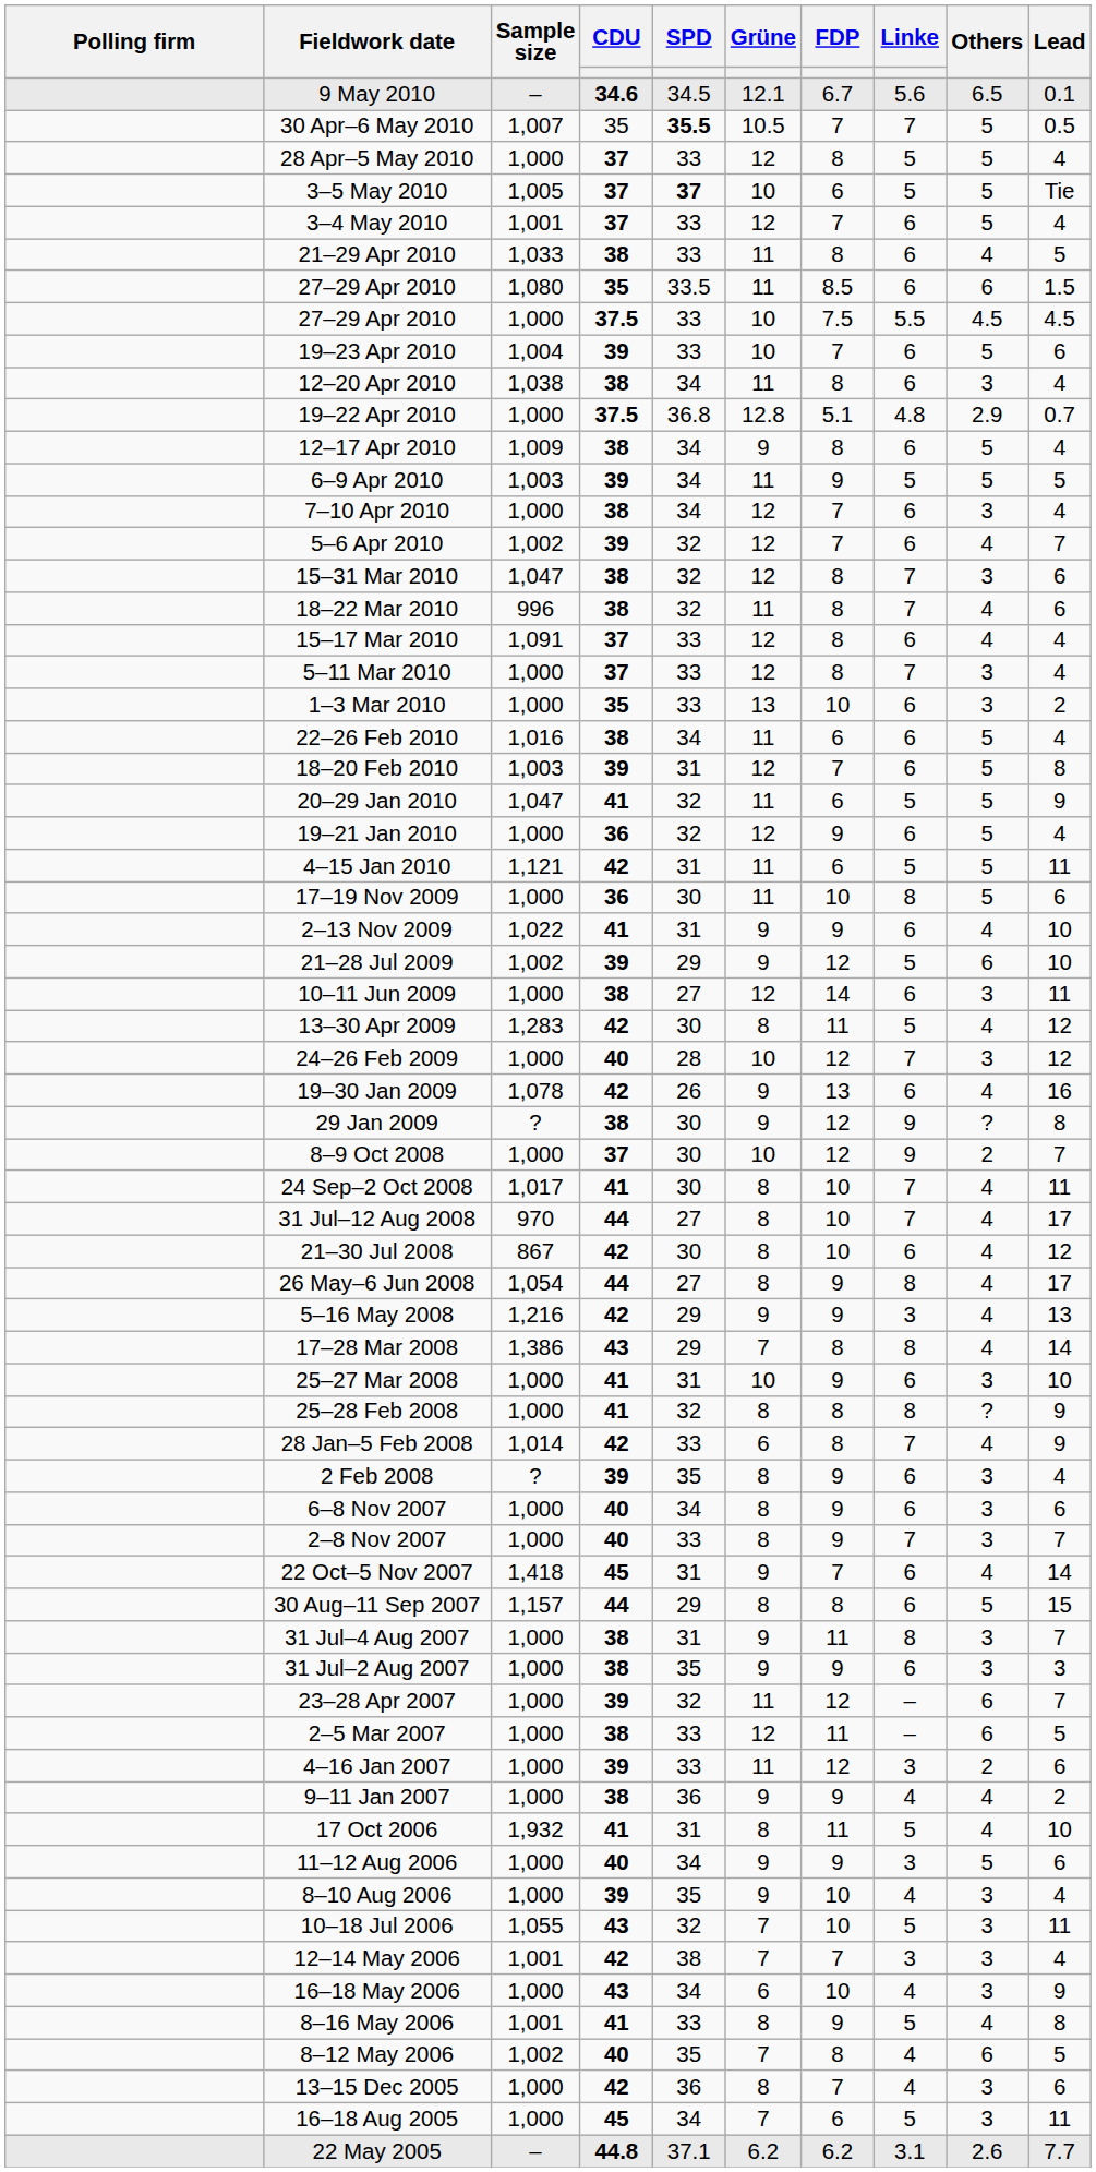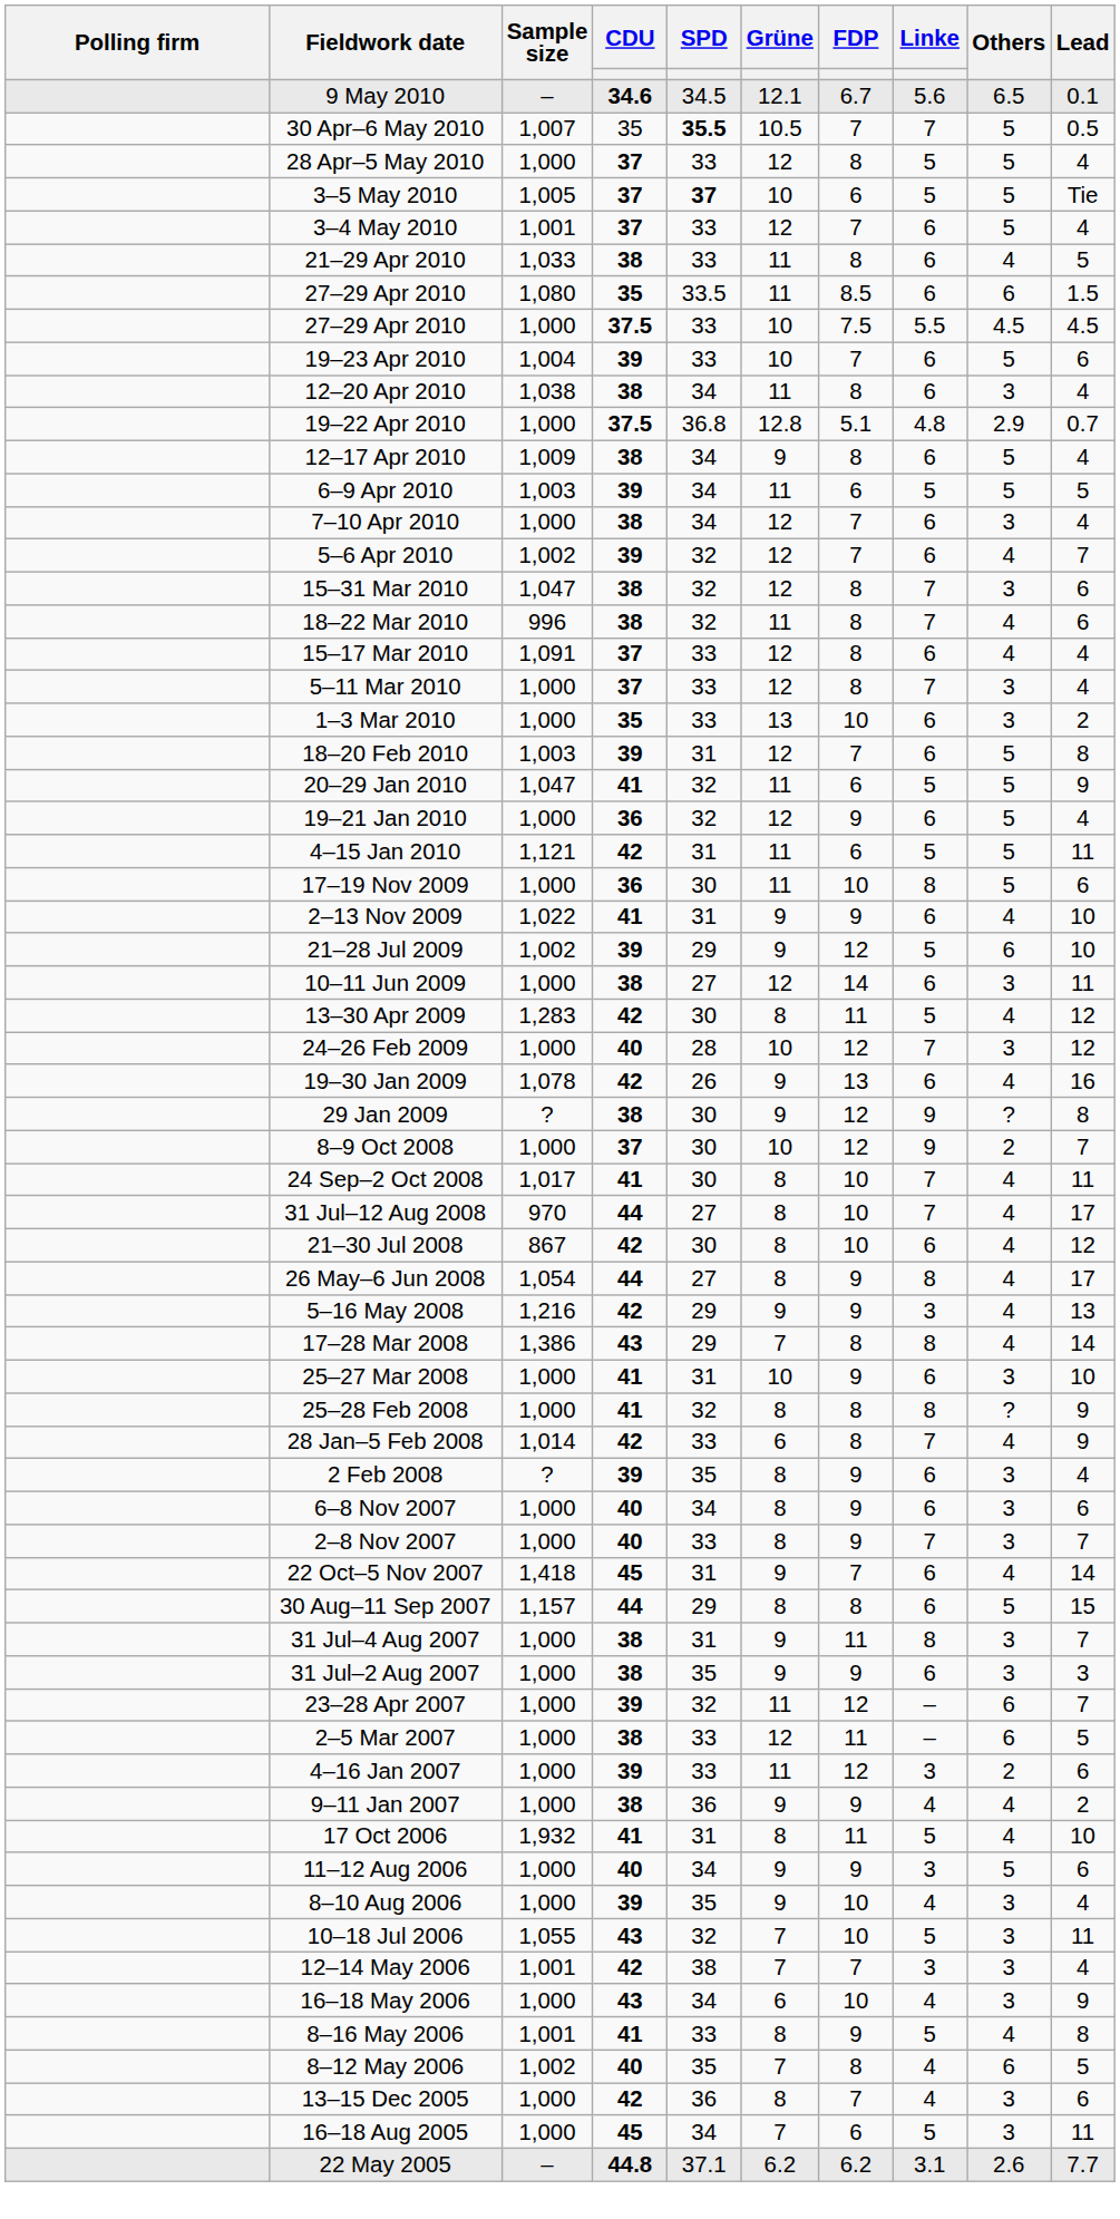 <table class="wikitable sortable" style="text-align:center;font-size:90%;line-height:14px;">
 <tr style="height:40px;">
 <th style="width:160px;" rowspan="2">Polling firm</th>
 <th style="width:140px;" rowspan="2">Fieldwork date</th>
 <th style="width:35px;" rowspan="2">Sample<br>size</th>
 <th class="unsortable" style="width:40px;"><a href='#'>CDU</a></th>
 <th class="unsortable" style="width:40px;"><a href='#'>SPD</a></th>
 <th class="unsortable" style="width:40px;"><a href='#'>Grüne</a></th>
 <th class="unsortable" style="width:40px;"><a href='#'>FDP</a></th>
 <th class="unsortable" style="width:40px;"><a href='#'>Linke</a></th>
 <th class="unsortable" style="width:40px;" rowspan="2">Others</th>
 <th style="width:30px;" rowspan="2">Lead</th>
 </tr>
 <tr>
 <th style="background:"></th>
 <th style="background:"></th>
 <th style="background:"></th>
 <th style="background:"></th>
 <th style="background:"></th>
 </tr>
 <tr style="background:#E9E9E9;">
 <td></td>
 <td data-sort-value="2010-05-09">9 May 2010</td>
 <td>–</td>
 <td><strong>34.6</strong></td>
 <td>34.5</td>
 <td>12.1</td>
 <td>6.7</td>
 <td>5.6</td>
 <td>6.5</td>
 <td style="background:">0.1</td>
 </tr>
 <tr>
 <td></td>
 <td data-sort-value="2010-05-07">30 Apr–6 May 2010</td>
 <td>1,007</td>
 <td>35</td>
 <td><strong>35.5</strong></td>
 <td>10.5</td>
 <td>7</td>
 <td>7</td>
 <td>5</td>
 <td style="background:">0.5</td>
 </tr>
 <tr>
 <td></td>
 <td data-sort-value="2010-05-06">28 Apr–5 May 2010</td>
 <td>1,000</td>
 <td><strong>37</strong></td>
 <td>33</td>
 <td>12</td>
 <td>8</td>
 <td>5</td>
 <td>5</td>
 <td style="background:">4</td>
 </tr>
 <tr>
 <td></td>
 <td data-sort-value="2010-05-06">3–5 May 2010</td>
 <td>1,005</td>
 <td><strong>37</strong></td>
 <td><strong>37</strong></td>
 <td>10</td>
 <td>6</td>
 <td>5</td>
 <td>5</td>
 <td data-sort-value="0">Tie</td>
 </tr>
 <tr>
 <td></td>
 <td data-sort-value="2010-05-05">3–4 May 2010</td>
 <td>1,001</td>
 <td><strong>37</strong></td>
 <td>33</td>
 <td>12</td>
 <td>7</td>
 <td>6</td>
 <td>5</td>
 <td style="background:">4</td>
 </tr>
 <tr>
 <td></td>
 <td data-sort-value="2010-05-02">21–29 Apr 2010</td>
 <td>1,033</td>
 <td><strong>38</strong></td>
 <td>33</td>
 <td>11</td>
 <td>8</td>
 <td>6</td>
 <td>4</td>
 <td style="background:">5</td>
 </tr>
 <tr>
 <td></td>
 <td data-sort-value="2010-04-30">27–29 Apr 2010</td>
 <td>1,080</td>
 <td><strong>35</strong></td>
 <td>33.5</td>
 <td>11</td>
 <td>8.5</td>
 <td>6</td>
 <td>6</td>
 <td style="background:">1.5</td>
 </tr>
 <tr>
 <td></td>
 <td data-sort-value="2010-04-29">27–29 Apr 2010</td>
 <td>1,000</td>
 <td><strong>37.5</strong></td>
 <td>33</td>
 <td>10</td>
 <td>7.5</td>
 <td>5.5</td>
 <td>4.5</td>
 <td style="background:">4.5</td>
 </tr>
 <tr>
 <td></td>
 <td data-sort-value="2010-04-28">19–23 Apr 2010</td>
 <td>1,004</td>
 <td><strong>39</strong></td>
 <td>33</td>
 <td>10</td>
 <td>7</td>
 <td>6</td>
 <td>5</td>
 <td style="background:">6</td>
 </tr>
 <tr>
 <td></td>
 <td data-sort-value="2010-04-24">12–20 Apr 2010</td>
 <td>1,038</td>
 <td><strong>38</strong></td>
 <td>34</td>
 <td>11</td>
 <td>8</td>
 <td>6</td>
 <td>3</td>
 <td style="background:">4</td>
 </tr>
 <tr>
 <td></td>
 <td data-sort-value="2010-04-23">19–22 Apr 2010</td>
 <td>1,000</td>
 <td><strong>37.5</strong></td>
 <td>36.8</td>
 <td>12.8</td>
 <td>5.1</td>
 <td>4.8</td>
 <td>2.9</td>
 <td style="background:">0.7</td>
 </tr>
 <tr>
 <td></td>
 <td data-sort-value="2010-04-21">12–17 Apr 2010</td>
 <td>1,009</td>
 <td><strong>38</strong></td>
 <td>34</td>
 <td>9</td>
 <td>8</td>
 <td>6</td>
 <td>5</td>
 <td style="background:">4</td>
 </tr>
 <tr>
 <td></td>
 <td data-sort-value="2010-04-14">6–9 Apr 2010</td>
 <td>1,003</td>
 <td><strong>39</strong></td>
 <td>34</td>
 <td>11</td>
-<td>9</td>
+<td>6</td>
 <td>5</td>
 <td>5</td>
 <td style="background:">5</td>
 </tr>
 <tr>
 <td></td>
 <td data-sort-value="2010-04-11">7–10 Apr 2010</td>
 <td>1,000</td>
 <td><strong>38</strong></td>
 <td>34</td>
 <td>12</td>
 <td>7</td>
 <td>6</td>
 <td>3</td>
 <td style="background:">4</td>
 </tr>
 <tr>
 <td></td>
 <td data-sort-value="2010-04-09">5–6 Apr 2010</td>
 <td>1,002</td>
 <td><strong>39</strong></td>
 <td>32</td>
 <td>12</td>
 <td>7</td>
 <td>6</td>
 <td>4</td>
 <td style="background:">7</td>
 </tr>
 <tr>
 <td></td>
 <td data-sort-value="2010-04-04">15–31 Mar 2010</td>
 <td>1,047</td>
 <td><strong>38</strong></td>
 <td>32</td>
 <td>12</td>
 <td>8</td>
 <td>7</td>
 <td>3</td>
 <td style="background:">6</td>
 </tr>
 <tr>
 <td></td>
 <td data-sort-value="2010-03-24">18–22 Mar 2010</td>
 <td>996</td>
 <td><strong>38</strong></td>
 <td>32</td>
 <td>11</td>
 <td>8</td>
 <td>7</td>
 <td>4</td>
 <td style="background:">6</td>
 </tr>
 <tr>
 <td></td>
 <td data-sort-value="2010-03-19">15–17 Mar 2010</td>
 <td>1,091</td>
 <td><strong>37</strong></td>
 <td>33</td>
 <td>12</td>
 <td>8</td>
 <td>6</td>
 <td>4</td>
 <td style="background:">4</td>
 </tr>
 <tr>
 <td></td>
 <td data-sort-value="2010-03-12">5–11 Mar 2010</td>
 <td>1,000</td>
 <td><strong>37</strong></td>
 <td>33</td>
 <td>12</td>
 <td>8</td>
 <td>7</td>
 <td>3</td>
 <td style="background:">4</td>
 </tr>
 <tr>
 <td></td>
 <td data-sort-value="2010-03-04">1–3 Mar 2010</td>
 <td>1,000</td>
 <td><strong>35</strong></td>
 <td>33</td>
 <td>13</td>
 <td>10</td>
 <td>6</td>
 <td>3</td>
 <td style="background:">2</td>
-</tr>
-<tr>
-<td></td>
-<td data-sort-value="2010-03-03">22–26 Feb 2010</td>
-<td>1,016</td>
-<td><strong>38</strong></td>
-<td>34</td>
-<td>11</td>
-<td>6</td>
-<td>6</td>
-<td>5</td>
-<td style="background:">4</td>
 </tr>
 <tr>
 <td></td>
 <td data-sort-value="2010-02-25">18–20 Feb 2010</td>
 <td>1,003</td>
 <td><strong>39</strong></td>
 <td>31</td>
 <td>12</td>
 <td>7</td>
 <td>6</td>
 <td>5</td>
 <td style="background:">8</td>
 </tr>
 <tr>
 <td></td>
 <td data-sort-value="2010-02-03">20–29 Jan 2010</td>
 <td>1,047</td>
 <td><strong>41</strong></td>
 <td>32</td>
 <td>11</td>
 <td>6</td>
 <td>5</td>
 <td>5</td>
 <td style="background:">9</td>
 </tr>
 <tr>
 <td></td>
 <td data-sort-value="2010-01-22">19–21 Jan 2010</td>
 <td>1,000</td>
 <td><strong>36</strong></td>
 <td>32</td>
 <td>12</td>
 <td>9</td>
 <td>6</td>
 <td>5</td>
 <td style="background:">4</td>
 </tr>
 <tr>
 <td></td>
 <td data-sort-value="2010-01-19">4–15 Jan 2010</td>
 <td>1,121</td>
 <td><strong>42</strong></td>
 <td>31</td>
 <td>11</td>
 <td>6</td>
 <td>5</td>
 <td>5</td>
 <td style="background:">11</td>
 </tr>
 <tr>
 <td></td>
 <td data-sort-value="2009-11-22">17–19 Nov 2009</td>
 <td>1,000</td>
 <td><strong>36</strong></td>
 <td>30</td>
 <td>11</td>
 <td>10</td>
 <td>8</td>
 <td>5</td>
 <td style="background:">6</td>
 </tr>
 <tr>
 <td></td>
 <td data-sort-value="2009-11-18">2–13 Nov 2009</td>
 <td>1,022</td>
 <td><strong>41</strong></td>
 <td>31</td>
 <td>9</td>
 <td>9</td>
 <td>6</td>
 <td>4</td>
 <td style="background:">10</td>
 </tr>
 <tr>
 <td></td>
 <td data-sort-value="2009-08-12">21–28 Jul 2009</td>
 <td>1,002</td>
 <td><strong>39</strong></td>
 <td>29</td>
 <td>9</td>
 <td>12</td>
 <td>5</td>
 <td>6</td>
 <td style="background:">10</td>
 </tr>
 <tr>
 <td></td>
 <td data-sort-value="2009-06-14">10–11 Jun 2009</td>
 <td>1,000</td>
 <td><strong>38</strong></td>
 <td>27</td>
 <td>12</td>
 <td>14</td>
 <td>6</td>
 <td>3</td>
 <td style="background:">11</td>
 </tr>
 <tr>
 <td></td>
 <td data-sort-value="2009-05-06">13–30 Apr 2009</td>
 <td>1,283</td>
 <td><strong>42</strong></td>
 <td>30</td>
 <td>8</td>
 <td>11</td>
 <td>5</td>
 <td>4</td>
 <td style="background:">12</td>
 </tr>
 <tr>
 <td></td>
 <td data-sort-value="2009-03-01">24–26 Feb 2009</td>
 <td>1,000</td>
 <td><strong>40</strong></td>
 <td>28</td>
 <td>10</td>
 <td>12</td>
 <td>7</td>
 <td>3</td>
 <td style="background:">12</td>
 </tr>
 <tr>
 <td></td>
 <td data-sort-value="2009-02-04">19–30 Jan 2009</td>
 <td>1,078</td>
 <td><strong>42</strong></td>
 <td>26</td>
 <td>9</td>
 <td>13</td>
 <td>6</td>
 <td>4</td>
 <td style="background:">16</td>
 </tr>
 <tr>
 <td></td>
 <td data-sort-value="2009-01-29">29 Jan 2009</td>
 <td>?</td>
 <td><strong>38</strong></td>
 <td>30</td>
 <td>9</td>
 <td>12</td>
 <td>9</td>
 <td>?</td>
 <td style="background:">8</td>
 </tr>
 <tr>
 <td></td>
 <td data-sort-value="2008-10-12">8–9 Oct 2008</td>
 <td>1,000</td>
 <td><strong>37</strong></td>
 <td>30</td>
 <td>10</td>
 <td>12</td>
 <td>9</td>
 <td>2</td>
 <td style="background:">7</td>
 </tr>
 <tr>
 <td></td>
 <td data-sort-value="2008-10-08">24 Sep–2 Oct 2008</td>
 <td>1,017</td>
 <td><strong>41</strong></td>
 <td>30</td>
 <td>8</td>
 <td>10</td>
 <td>7</td>
 <td>4</td>
 <td style="background:">11</td>
 </tr>
 <tr>
 <td></td>
 <td data-sort-value="2008-08-14">31 Jul–12 Aug 2008</td>
 <td>970</td>
 <td><strong>44</strong></td>
 <td>27</td>
 <td>8</td>
 <td>10</td>
 <td>7</td>
 <td>4</td>
 <td style="background:">17</td>
 </tr>
 <tr>
 <td></td>
 <td data-sort-value="2008-08-14">21–30 Jul 2008</td>
 <td>867</td>
 <td><strong>42</strong></td>
 <td>30</td>
 <td>8</td>
 <td>10</td>
 <td>6</td>
 <td>4</td>
 <td style="background:">12</td>
 </tr>
 <tr>
 <td></td>
 <td data-sort-value="2008-06-12">26 May–6 Jun 2008</td>
 <td>1,054</td>
 <td><strong>44</strong></td>
 <td>27</td>
 <td>8</td>
 <td>9</td>
 <td>8</td>
 <td>4</td>
 <td style="background:">17</td>
 </tr>
 <tr>
 <td></td>
 <td data-sort-value="2008-05-21">5–16 May 2008</td>
 <td>1,216</td>
 <td><strong>42</strong></td>
 <td>29</td>
 <td>9</td>
 <td>9</td>
 <td>3</td>
 <td>4</td>
 <td style="background:">13</td>
 </tr>
 <tr>
 <td></td>
 <td data-sort-value="2008-04-03">17–28 Mar 2008</td>
 <td>1,386</td>
 <td><strong>43</strong></td>
 <td>29</td>
 <td>7</td>
 <td>8</td>
 <td>8</td>
 <td>4</td>
 <td style="background:">14</td>
 </tr>
 <tr>
 <td></td>
 <td data-sort-value="2008-03-30">25–27 Mar 2008</td>
 <td>1,000</td>
 <td><strong>41</strong></td>
 <td>31</td>
 <td>10</td>
 <td>9</td>
 <td>6</td>
 <td>3</td>
 <td style="background:">10</td>
 </tr>
 <tr>
 <td></td>
 <td data-sort-value="2008-02-29">25–28 Feb 2008</td>
 <td>1,000</td>
 <td><strong>41</strong></td>
 <td>32</td>
 <td>8</td>
 <td>8</td>
 <td>8</td>
 <td>?</td>
 <td style="background:">9</td>
 </tr>
 <tr>
 <td></td>
 <td data-sort-value="2008-02-06">28 Jan–5 Feb 2008</td>
 <td>1,014</td>
 <td><strong>42</strong></td>
 <td>33</td>
 <td>6</td>
 <td>8</td>
 <td>7</td>
 <td>4</td>
 <td style="background:">9</td>
 </tr>
 <tr>
 <td></td>
 <td data-sort-value="2008-02-02">2 Feb 2008</td>
 <td>?</td>
 <td><strong>39</strong></td>
 <td>35</td>
 <td>8</td>
 <td>9</td>
 <td>6</td>
 <td>3</td>
 <td style="background:">4</td>
 </tr>
 <tr>
 <td></td>
 <td data-sort-value="2007-11-11">6–8 Nov 2007</td>
 <td>1,000</td>
 <td><strong>40</strong></td>
 <td>34</td>
 <td>8</td>
 <td>9</td>
 <td>6</td>
 <td>3</td>
 <td style="background:">6</td>
 </tr>
 <tr>
 <td></td>
 <td data-sort-value="2007-11-10">2–8 Nov 2007</td>
 <td>1,000</td>
 <td><strong>40</strong></td>
 <td>33</td>
 <td>8</td>
 <td>9</td>
 <td>7</td>
 <td>3</td>
 <td style="background:">7</td>
 </tr>
 <tr>
 <td></td>
 <td data-sort-value="2007-11-07">22 Oct–5 Nov 2007</td>
 <td>1,418</td>
 <td><strong>45</strong></td>
 <td>31</td>
 <td>9</td>
 <td>7</td>
 <td>6</td>
 <td>4</td>
 <td style="background:">14</td>
 </tr>
 <tr>
 <td></td>
 <td data-sort-value="2007-09-13">30 Aug–11 Sep 2007</td>
 <td>1,157</td>
 <td><strong>44</strong></td>
 <td>29</td>
 <td>8</td>
 <td>8</td>
 <td>6</td>
 <td>5</td>
 <td style="background:">15</td>
 </tr>
 <tr>
 <td></td>
 <td data-sort-value="2007-08-06">31 Jul–4 Aug 2007</td>
 <td>1,000</td>
 <td><strong>38</strong></td>
 <td>31</td>
 <td>9</td>
 <td>11</td>
 <td>8</td>
 <td>3</td>
 <td style="background:">7</td>
 </tr>
 <tr>
 <td></td>
 <td data-sort-value="2007-08-05">31 Jul–2 Aug 2007</td>
 <td>1,000</td>
 <td><strong>38</strong></td>
 <td>35</td>
 <td>9</td>
 <td>9</td>
 <td>6</td>
 <td>3</td>
 <td style="background:">3</td>
 </tr>
 <tr>
 <td></td>
 <td data-sort-value="2007-05-02">23–28 Apr 2007</td>
 <td>1,000</td>
 <td><strong>39</strong></td>
 <td>32</td>
 <td>11</td>
 <td>12</td>
 <td>–</td>
 <td>6</td>
 <td style="background:">7</td>
 </tr>
 <tr>
 <td></td>
 <td data-sort-value="2007-03-08">2–5 Mar 2007</td>
 <td>1,000</td>
 <td><strong>38</strong></td>
 <td>33</td>
 <td>12</td>
 <td>11</td>
 <td>–</td>
 <td>6</td>
 <td style="background:">5</td>
 </tr>
 <tr>
 <td></td>
 <td data-sort-value="2007-01-18">4–16 Jan 2007</td>
 <td>1,000</td>
 <td><strong>39</strong></td>
 <td>33</td>
 <td>11</td>
 <td>12</td>
 <td>3</td>
 <td>2</td>
 <td style="background:">6</td>
 </tr>
 <tr>
 <td></td>
 <td data-sort-value="2007-01-14">9–11 Jan 2007</td>
 <td>1,000</td>
 <td><strong>38</strong></td>
 <td>36</td>
 <td>9</td>
 <td>9</td>
 <td>4</td>
 <td>4</td>
 <td style="background:">2</td>
 </tr>
 <tr>
 <td></td>
 <td data-sort-value="2006-10-27">17 Oct 2006</td>
 <td>1,932</td>
 <td><strong>41</strong></td>
 <td>31</td>
 <td>8</td>
 <td>11</td>
 <td>5</td>
 <td>4</td>
 <td style="background:">10</td>
 </tr>
 <tr>
 <td></td>
 <td data-sort-value="2006-08-14">11–12 Aug 2006</td>
 <td>1,000</td>
 <td><strong>40</strong></td>
 <td>34</td>
 <td>9</td>
 <td>9</td>
 <td>3</td>
 <td>5</td>
 <td style="background:">6</td>
 </tr>
 <tr>
 <td></td>
 <td data-sort-value="2006-08-13">8–10 Aug 2006</td>
 <td>1,000</td>
 <td><strong>39</strong></td>
 <td>35</td>
 <td>9</td>
 <td>10</td>
 <td>4</td>
 <td>3</td>
 <td style="background:">4</td>
 </tr>
 <tr>
 <td></td>
 <td data-sort-value="2006-07-19">10–18 Jul 2006</td>
 <td>1,055</td>
 <td><strong>43</strong></td>
 <td>32</td>
 <td>7</td>
 <td>10</td>
 <td>5</td>
 <td>3</td>
 <td style="background:">11</td>
 </tr>
 <tr>
 <td></td>
 <td data-sort-value="2006-05-22">12–14 May 2006</td>
 <td>1,001</td>
 <td><strong>42</strong></td>
 <td>38</td>
 <td>7</td>
 <td>7</td>
 <td>3</td>
 <td>3</td>
 <td style="background:">4</td>
 </tr>
 <tr>
 <td></td>
 <td data-sort-value="2006-05-21">16–18 May 2006</td>
 <td>1,000</td>
 <td><strong>43</strong></td>
 <td>34</td>
 <td>6</td>
 <td>10</td>
 <td>4</td>
 <td>3</td>
 <td style="background:">9</td>
 </tr>
 <tr>
 <td></td>
 <td data-sort-value="2006-05-18">8–16 May 2006</td>
 <td>1,001</td>
 <td><strong>41</strong></td>
 <td>33</td>
 <td>8</td>
 <td>9</td>
 <td>5</td>
 <td>4</td>
 <td style="background:">8</td>
 </tr>
 <tr>
 <td></td>
 <td data-sort-value="2006-05-15">8–12 May 2006</td>
 <td>1,002</td>
 <td><strong>40</strong></td>
 <td>35</td>
 <td>7</td>
 <td>8</td>
 <td>4</td>
 <td>6</td>
 <td style="background:">5</td>
 </tr>
 <tr>
 <td></td>
 <td data-sort-value="2005-12-18">13–15 Dec 2005</td>
 <td>1,000</td>
 <td><strong>42</strong></td>
 <td>36</td>
 <td>8</td>
 <td>7</td>
 <td>4</td>
 <td>3</td>
 <td style="background:">6</td>
 </tr>
 <tr>
 <td></td>
 <td data-sort-value="2005-08-21">16–18 Aug 2005</td>
 <td>1,000</td>
 <td><strong>45</strong></td>
 <td>34</td>
 <td>7</td>
 <td>6</td>
 <td>5</td>
 <td>3</td>
 <td style="background:">11</td>
 </tr>
 <tr style="background:#E9E9E9;">
 <td></td>
 <td data-sort-value="2005-05-22">22 May 2005</td>
 <td>–</td>
 <td><strong>44.8</strong></td>
 <td>37.1</td>
 <td>6.2</td>
 <td>6.2</td>
 <td>3.1</td>
 <td>2.6</td>
 <td style="background:">7.7</td>
 </tr>
 </table>
